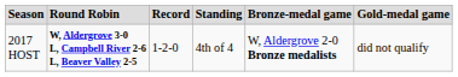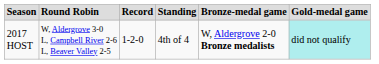 <table class="wikitable">
 <tr style="font-weight:bold; background-color:#dddddd;">
 <td>Season</td>
 <td>Round Robin</td>
 <td>Record</td>
 <td>Standing</td>
 <td>Bronze-medal game</td>
 <td>Gold-medal game</td>
 </tr>
 <tr>
 <td>2017<br>HOST</td>
-<td><strong><small> W, <a href='#'>Aldergrove</a> 3-0<br>L, <a href='#'>Campbell River</a> 2-6<br>L, <a href='#'>Beaver Valley</a> 2-5</small></strong></td>
+<td><small> W, <a href='#'>Aldergrove</a> 3-0<br>L, <a href='#'>Campbell River</a> 2-6<br>L, <a href='#'>Beaver Valley</a> 2-5</small></td>
 <td>1-2-0</td>
 <td>4th of 4</td>
 <td>W, <a href='#'>Aldergrove</a> 2-0<br><strong>Bronze medalists</strong></td>
-<td>did not qualify</td>
+<td style="background: paleturquoise;">did not qualify</td>
 </tr>
 </table>
